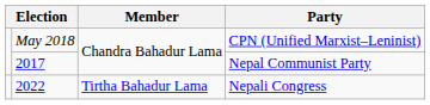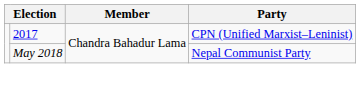 <table class="wikitable">
 <tr>
 <th colspan="2">Election</th>
 <th>Member</th>
 <th>Party</th>
 </tr>
 <tr>
 <td rowspan="2" style="background-color:"></td>
-<td><em>May 2018</em></td>
+<td><a href='#'>2017</a></td>
 <td rowspan="2">Chandra Bahadur Lama</td>
 <td><a href='#'>CPN (Unified Marxist–Leninist)</a></td>
 </tr>
 <tr>
-<td><a href='#'>2017</a></td>
+<td><em>May 2018</em></td>
 <td><a href='#'>Nepal Communist Party</a></td>
 </tr>
-<tr>
-<td style="background-color:"></td>
-<td><a href='#'>2022</a></td>
-<td><a href='#'>Tirtha Bahadur Lama</a></td>
-<td><a href='#'>Nepali Congress</a></td>
-</tr>
 </table>
